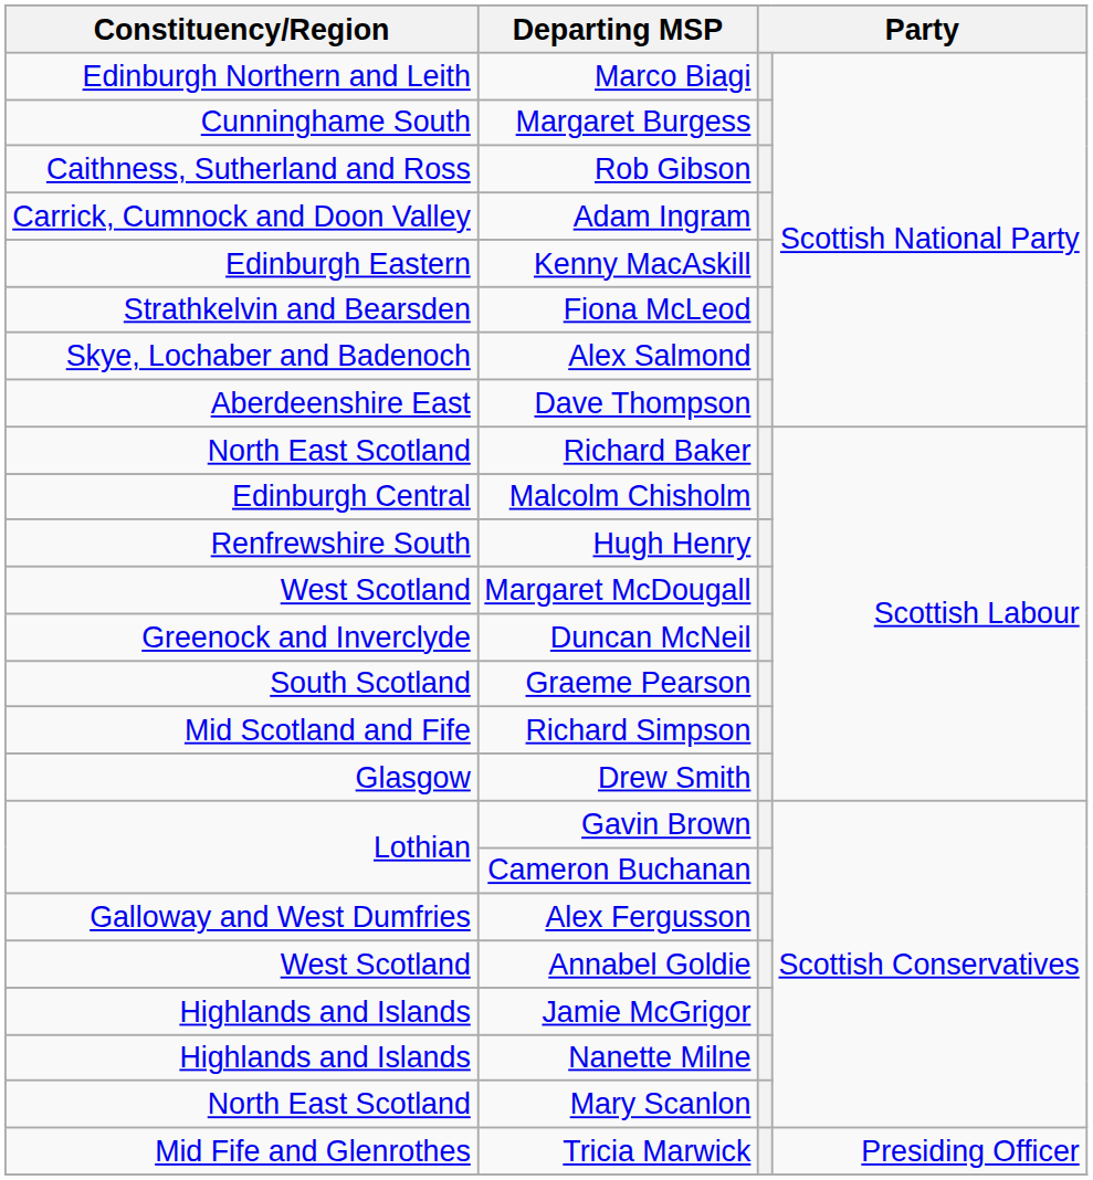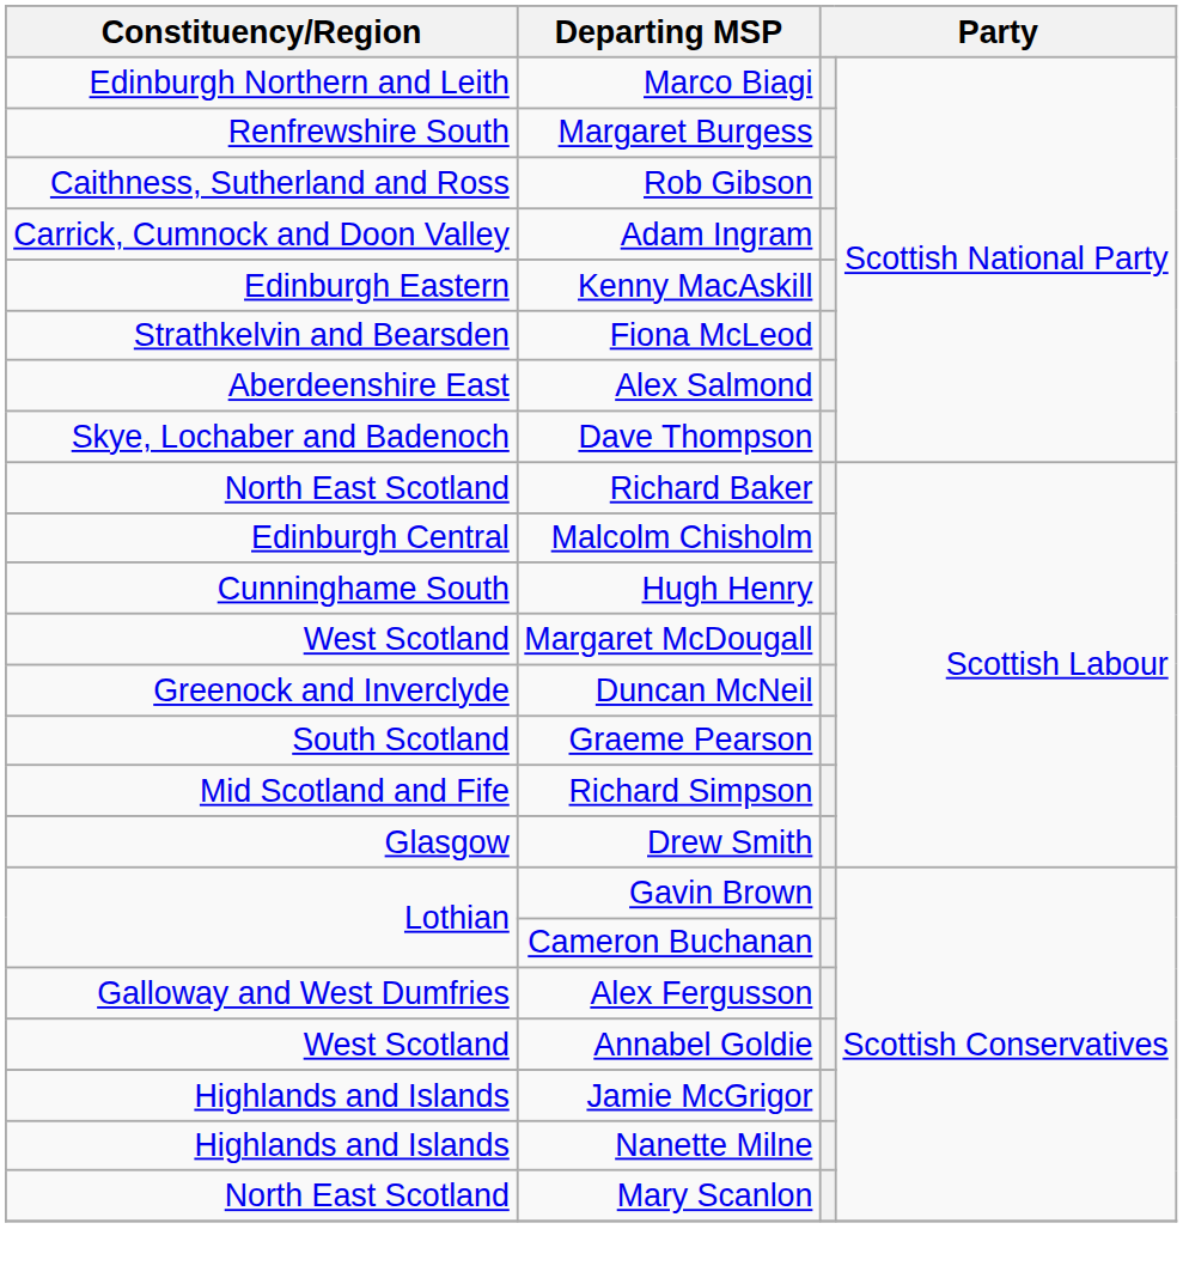 <table class="wikitable" style="text-align:right; font-size:90%; margin-bottom:0">
 <tr>
 <th>Constituency/Region</th>
 <th>Departing MSP</th>
 <th colspan="2">Party</th>
 </tr>
 <tr>
 <td><a href='#'>Edinburgh Northern and Leith</a></td>
 <td><a href='#'>Marco Biagi</a></td>
 <th style="background-color: "></th>
 <td rowspan="8"><a href='#'>Scottish National Party</a></td>
 </tr>
 <tr>
-<td><a href='#'>Cunninghame South</a></td>
+<td><a href='#'>Renfrewshire South</a></td>
 <td><a href='#'>Margaret Burgess</a></td>
 <th style="background-color: "></th>
 </tr>
 <tr>
 <td><a href='#'>Caithness, Sutherland and Ross</a></td>
 <td><a href='#'>Rob Gibson</a></td>
 <th style="background-color: "></th>
 </tr>
 <tr>
 <td><a href='#'>Carrick, Cumnock and Doon Valley</a></td>
 <td><a href='#'>Adam Ingram</a></td>
 <th style="background-color: "></th>
 </tr>
 <tr>
 <td><a href='#'>Edinburgh Eastern</a></td>
 <td><a href='#'>Kenny MacAskill</a></td>
 <th style="background-color: "></th>
 </tr>
 <tr>
 <td><a href='#'>Strathkelvin and Bearsden</a></td>
 <td><a href='#'>Fiona McLeod</a></td>
 <th style="background-color: "></th>
 </tr>
 <tr>
-<td><a href='#'>Skye, Lochaber and Badenoch</a></td>
+<td><a href='#'>Aberdeenshire East</a></td>
 <td><a href='#'>Alex Salmond</a></td>
 <th style="background-color: "></th>
 </tr>
 <tr>
-<td><a href='#'>Aberdeenshire East</a></td>
+<td><a href='#'>Skye, Lochaber and Badenoch</a></td>
 <td><a href='#'>Dave Thompson</a></td>
 <th style="background-color: "></th>
 </tr>
 <tr>
 <td><a href='#'>North East Scotland</a></td>
 <td><a href='#'>Richard Baker</a></td>
 <th style="background-color: "></th>
 <td rowspan="8"><a href='#'>Scottish Labour</a></td>
 </tr>
 <tr>
 <td><a href='#'>Edinburgh Central</a></td>
 <td><a href='#'>Malcolm Chisholm</a></td>
 <th style="background-color: "></th>
 </tr>
 <tr>
-<td><a href='#'>Renfrewshire South</a></td>
+<td><a href='#'>Cunninghame South</a></td>
 <td><a href='#'>Hugh Henry</a></td>
 <th style="background-color: "></th>
 </tr>
 <tr>
 <td><a href='#'>West Scotland</a></td>
 <td><a href='#'>Margaret McDougall</a></td>
 <th style="background-color: "></th>
 </tr>
 <tr>
 <td><a href='#'>Greenock and Inverclyde</a></td>
 <td><a href='#'>Duncan McNeil</a></td>
 <th style="background-color: "></th>
 </tr>
 <tr>
 <td><a href='#'>South Scotland</a></td>
 <td><a href='#'>Graeme Pearson</a></td>
 <th style="background-color: "></th>
 </tr>
 <tr>
 <td><a href='#'>Mid Scotland and Fife</a></td>
 <td><a href='#'>Richard Simpson</a></td>
 <th style="background-color: "></th>
 </tr>
 <tr>
 <td><a href='#'>Glasgow</a></td>
 <td><a href='#'>Drew Smith</a></td>
 <th style="background-color: "></th>
 </tr>
 <tr>
 <td rowspan="2"><a href='#'>Lothian</a></td>
 <td><a href='#'>Gavin Brown</a></td>
 <th style="background-color: "></th>
 <td rowspan="7"><a href='#'>Scottish Conservatives</a></td>
 </tr>
 <tr>
 <td><a href='#'>Cameron Buchanan</a></td>
 <th style="background-color: "></th>
 </tr>
 <tr>
 <td><a href='#'>Galloway and West Dumfries</a></td>
 <td><a href='#'>Alex Fergusson</a></td>
 <th style="background-color: "></th>
 </tr>
 <tr>
 <td><a href='#'>West Scotland</a></td>
 <td><a href='#'>Annabel Goldie</a></td>
 <th style="background-color: "></th>
 </tr>
 <tr>
 <td><a href='#'>Highlands and Islands</a></td>
 <td><a href='#'>Jamie McGrigor</a></td>
 <th style="background-color: "></th>
 </tr>
 <tr>
 <td><a href='#'>Highlands and Islands</a></td>
 <td><a href='#'>Nanette Milne</a></td>
 <th style="background-color: "></th>
 </tr>
 <tr>
 <td><a href='#'>North East Scotland</a></td>
 <td><a href='#'>Mary Scanlon</a></td>
 <th style="background-color: "></th>
 </tr>
 <tr>
-<td><a href='#'>Mid Fife and Glenrothes</a></td>
-<td><a href='#'>Tricia Marwick</a></td>
-<th style="background-color: "></th>
-<td><a href='#'>Presiding Officer</a></td>
-</tr>
-<tr>
 </tr>
 </table>
